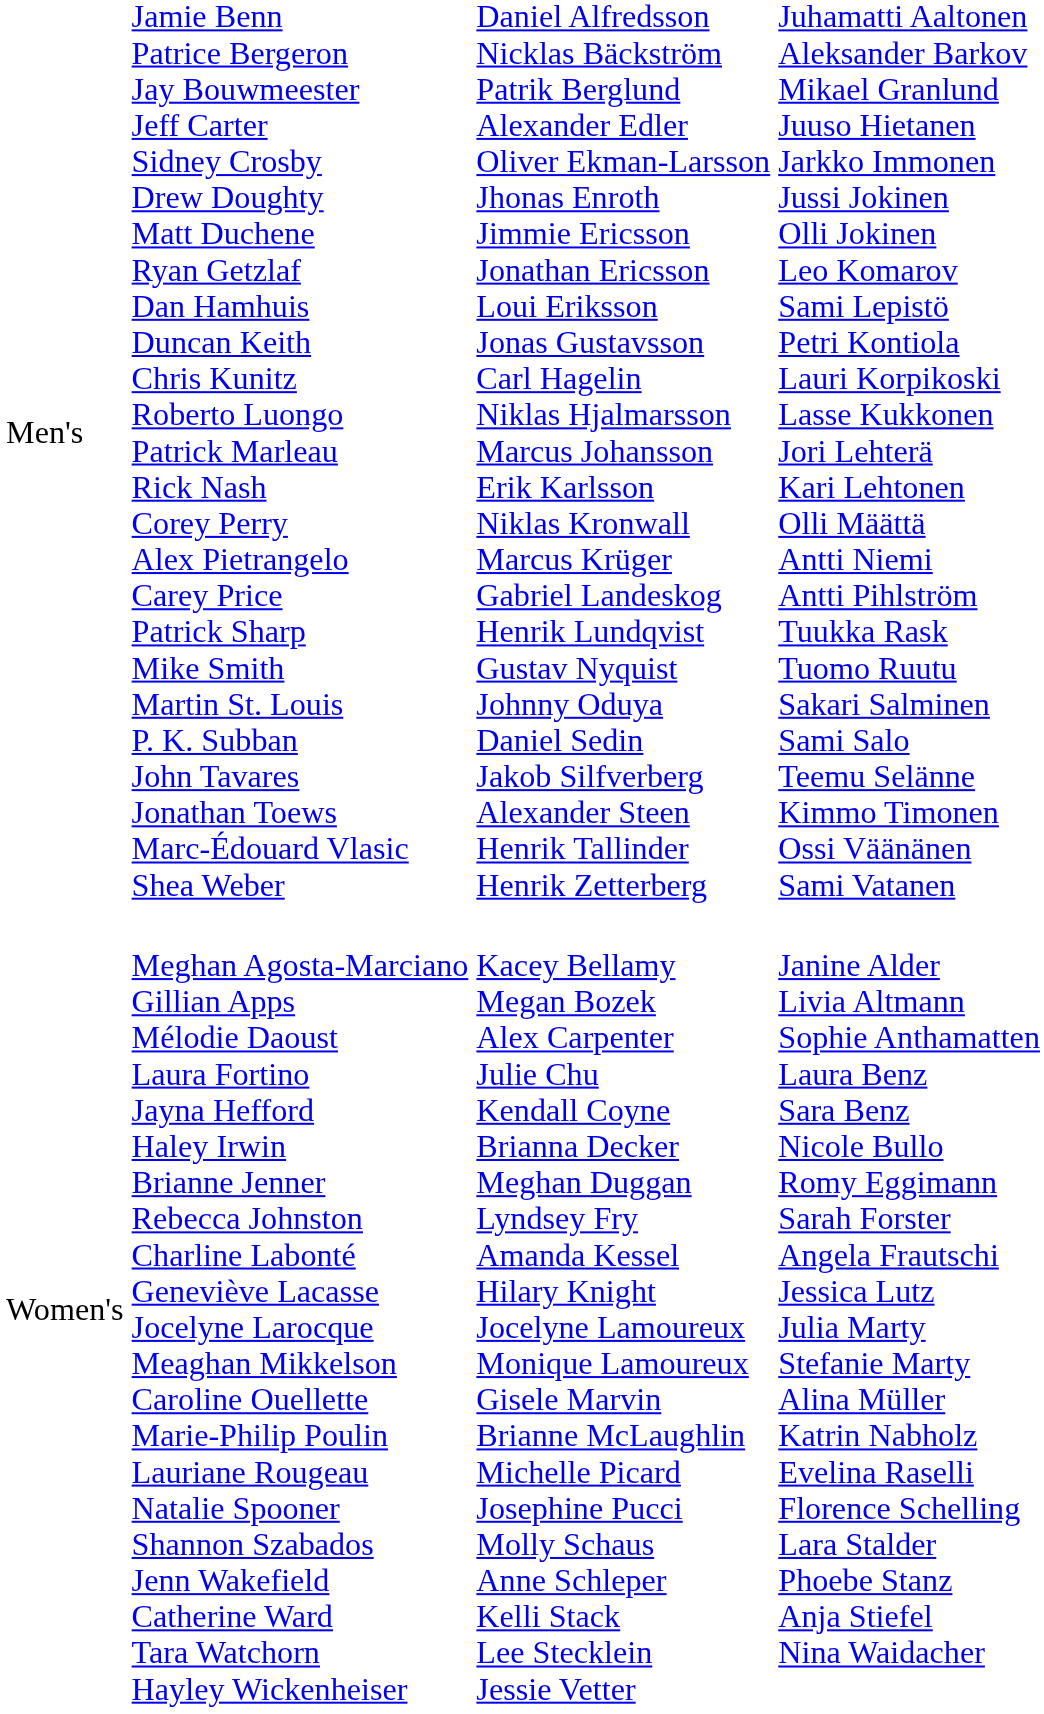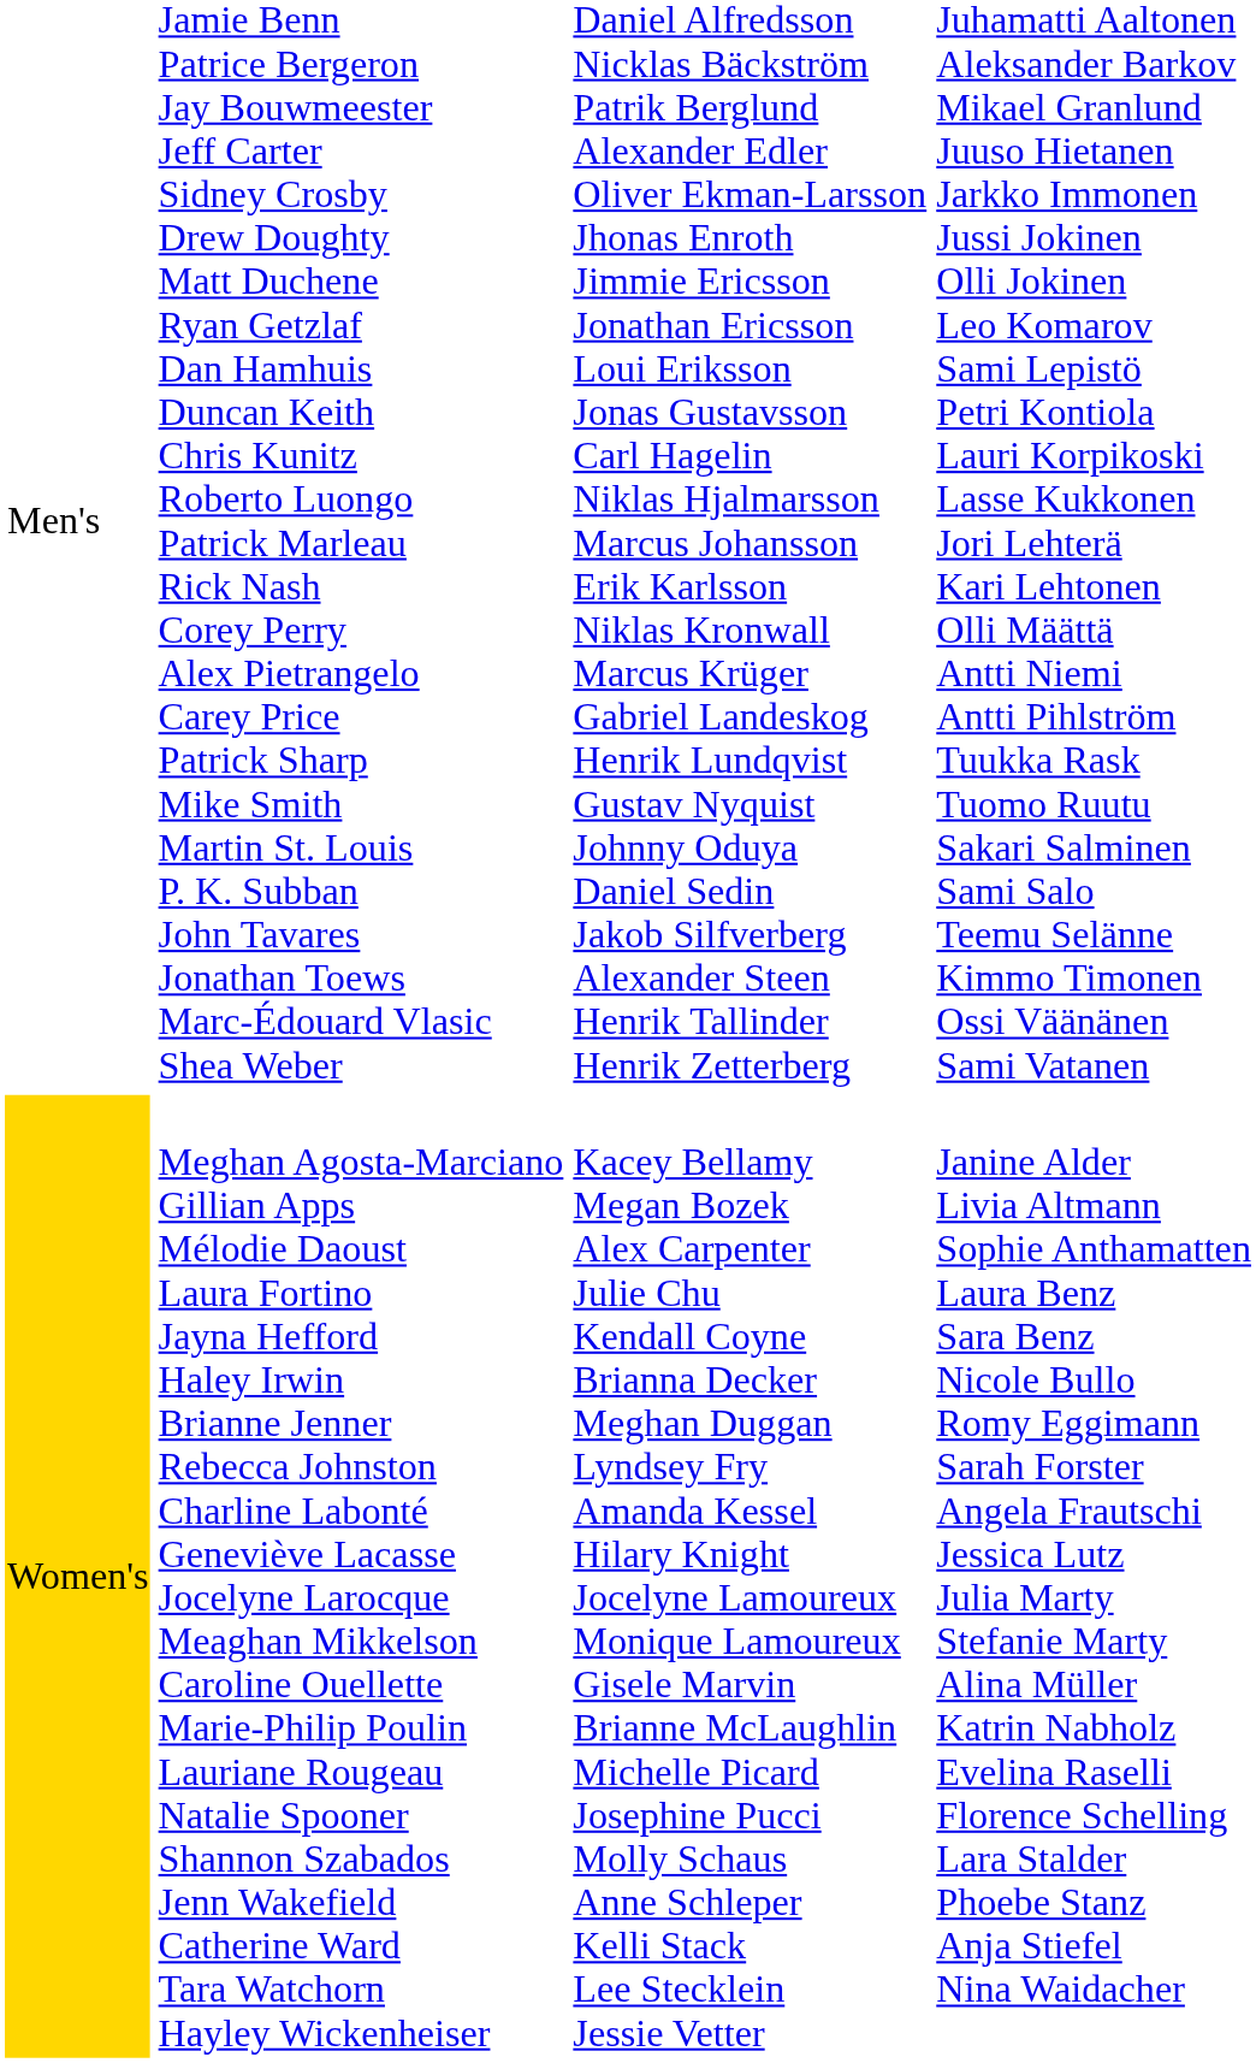 <table>
 <tr>
 <td>Men's<br></td>
 <td><br><a href='#'>Jamie Benn</a><br><a href='#'>Patrice Bergeron</a><br><a href='#'>Jay Bouwmeester</a><br><a href='#'>Jeff Carter</a><br><a href='#'>Sidney Crosby</a><br><a href='#'>Drew Doughty</a><br><a href='#'>Matt Duchene</a><br><a href='#'>Ryan Getzlaf</a><br><a href='#'>Dan Hamhuis</a><br><a href='#'>Duncan Keith</a><br><a href='#'>Chris Kunitz</a><br><a href='#'>Roberto Luongo</a><br><a href='#'>Patrick Marleau</a><br><a href='#'>Rick Nash</a><br><a href='#'>Corey Perry</a><br><a href='#'>Alex Pietrangelo</a><br><a href='#'>Carey Price</a><br><a href='#'>Patrick Sharp</a><br><a href='#'>Mike Smith</a><br><a href='#'>Martin St. Louis</a><br><a href='#'>P. K. Subban</a><br><a href='#'>John Tavares</a><br><a href='#'>Jonathan Toews</a><br><a href='#'>Marc-Édouard Vlasic</a><br><a href='#'>Shea Weber</a></td>
 <td><br><a href='#'>Daniel Alfredsson</a><br><a href='#'>Nicklas Bäckström</a><br><a href='#'>Patrik Berglund</a><br><a href='#'>Alexander Edler</a><br><a href='#'>Oliver Ekman-Larsson</a><br><a href='#'>Jhonas Enroth</a><br><a href='#'>Jimmie Ericsson</a><br><a href='#'>Jonathan Ericsson</a><br><a href='#'>Loui Eriksson</a><br><a href='#'>Jonas Gustavsson</a><br><a href='#'>Carl Hagelin</a><br><a href='#'>Niklas Hjalmarsson</a><br><a href='#'>Marcus Johansson</a><br><a href='#'>Erik Karlsson</a><br><a href='#'>Niklas Kronwall</a><br><a href='#'>Marcus Krüger</a><br><a href='#'>Gabriel Landeskog</a><br><a href='#'>Henrik Lundqvist</a><br><a href='#'>Gustav Nyquist</a><br><a href='#'>Johnny Oduya</a><br><a href='#'>Daniel Sedin</a><br><a href='#'>Jakob Silfverberg</a><br><a href='#'>Alexander Steen</a><br><a href='#'>Henrik Tallinder</a><br><a href='#'>Henrik Zetterberg</a></td>
 <td><br><a href='#'>Juhamatti Aaltonen</a><br><a href='#'>Aleksander Barkov</a><br><a href='#'>Mikael Granlund</a><br><a href='#'>Juuso Hietanen</a><br><a href='#'>Jarkko Immonen</a><br><a href='#'>Jussi Jokinen</a><br><a href='#'>Olli Jokinen</a><br><a href='#'>Leo Komarov</a><br><a href='#'>Sami Lepistö</a><br><a href='#'>Petri Kontiola</a><br><a href='#'>Lauri Korpikoski</a><br><a href='#'>Lasse Kukkonen</a><br><a href='#'>Jori Lehterä</a><br><a href='#'>Kari Lehtonen</a><br><a href='#'>Olli Määttä</a><br><a href='#'>Antti Niemi</a><br><a href='#'>Antti Pihlström</a><br><a href='#'>Tuukka Rask</a><br><a href='#'>Tuomo Ruutu</a><br><a href='#'>Sakari Salminen</a><br><a href='#'>Sami Salo</a><br><a href='#'>Teemu Selänne</a><br><a href='#'>Kimmo Timonen</a><br><a href='#'>Ossi Väänänen</a><br><a href='#'>Sami Vatanen</a></td>
 </tr>
 <tr>
-<td>Women's<br></td>
+<td style="background: gold;">Women's<br></td>
 <td><br><a href='#'>Meghan Agosta-Marciano</a><br><a href='#'>Gillian Apps</a><br><a href='#'>Mélodie Daoust</a><br><a href='#'>Laura Fortino</a><br><a href='#'>Jayna Hefford</a><br><a href='#'>Haley Irwin</a><br><a href='#'>Brianne Jenner</a><br><a href='#'>Rebecca Johnston</a><br><a href='#'>Charline Labonté</a><br><a href='#'>Geneviève Lacasse</a><br><a href='#'>Jocelyne Larocque</a><br><a href='#'>Meaghan Mikkelson</a><br><a href='#'>Caroline Ouellette</a><br><a href='#'>Marie-Philip Poulin</a><br><a href='#'>Lauriane Rougeau</a><br><a href='#'>Natalie Spooner</a><br><a href='#'>Shannon Szabados</a><br><a href='#'>Jenn Wakefield</a><br><a href='#'>Catherine Ward</a><br><a href='#'>Tara Watchorn</a><br><a href='#'>Hayley Wickenheiser</a></td>
 <td valign="top"><br><a href='#'>Kacey Bellamy</a><br><a href='#'>Megan Bozek</a><br><a href='#'>Alex Carpenter</a><br><a href='#'>Julie Chu</a><br><a href='#'>Kendall Coyne</a><br><a href='#'>Brianna Decker</a><br><a href='#'>Meghan Duggan</a><br><a href='#'>Lyndsey Fry</a><br><a href='#'>Amanda Kessel</a><br><a href='#'>Hilary Knight</a><br><a href='#'>Jocelyne Lamoureux</a><br><a href='#'>Monique Lamoureux</a><br><a href='#'>Gisele Marvin</a><br><a href='#'>Brianne McLaughlin</a><br><a href='#'>Michelle Picard</a><br><a href='#'>Josephine Pucci</a><br><a href='#'>Molly Schaus</a><br><a href='#'>Anne Schleper</a><br><a href='#'>Kelli Stack</a><br><a href='#'>Lee Stecklein</a><br><a href='#'>Jessie Vetter</a></td>
 <td valign="top"><br><a href='#'>Janine Alder</a><br><a href='#'>Livia Altmann</a><br><a href='#'>Sophie Anthamatten</a><br><a href='#'>Laura Benz</a><br><a href='#'>Sara Benz</a><br><a href='#'>Nicole Bullo</a><br><a href='#'>Romy Eggimann</a><br><a href='#'>Sarah Forster</a><br><a href='#'>Angela Frautschi</a><br><a href='#'>Jessica Lutz</a><br><a href='#'>Julia Marty</a><br><a href='#'>Stefanie Marty</a><br><a href='#'>Alina Müller</a><br><a href='#'>Katrin Nabholz</a><br><a href='#'>Evelina Raselli</a><br><a href='#'>Florence Schelling</a><br><a href='#'>Lara Stalder</a><br><a href='#'>Phoebe Stanz</a><br><a href='#'>Anja Stiefel</a><br><a href='#'>Nina Waidacher</a></td>
 </tr>
 </table>
